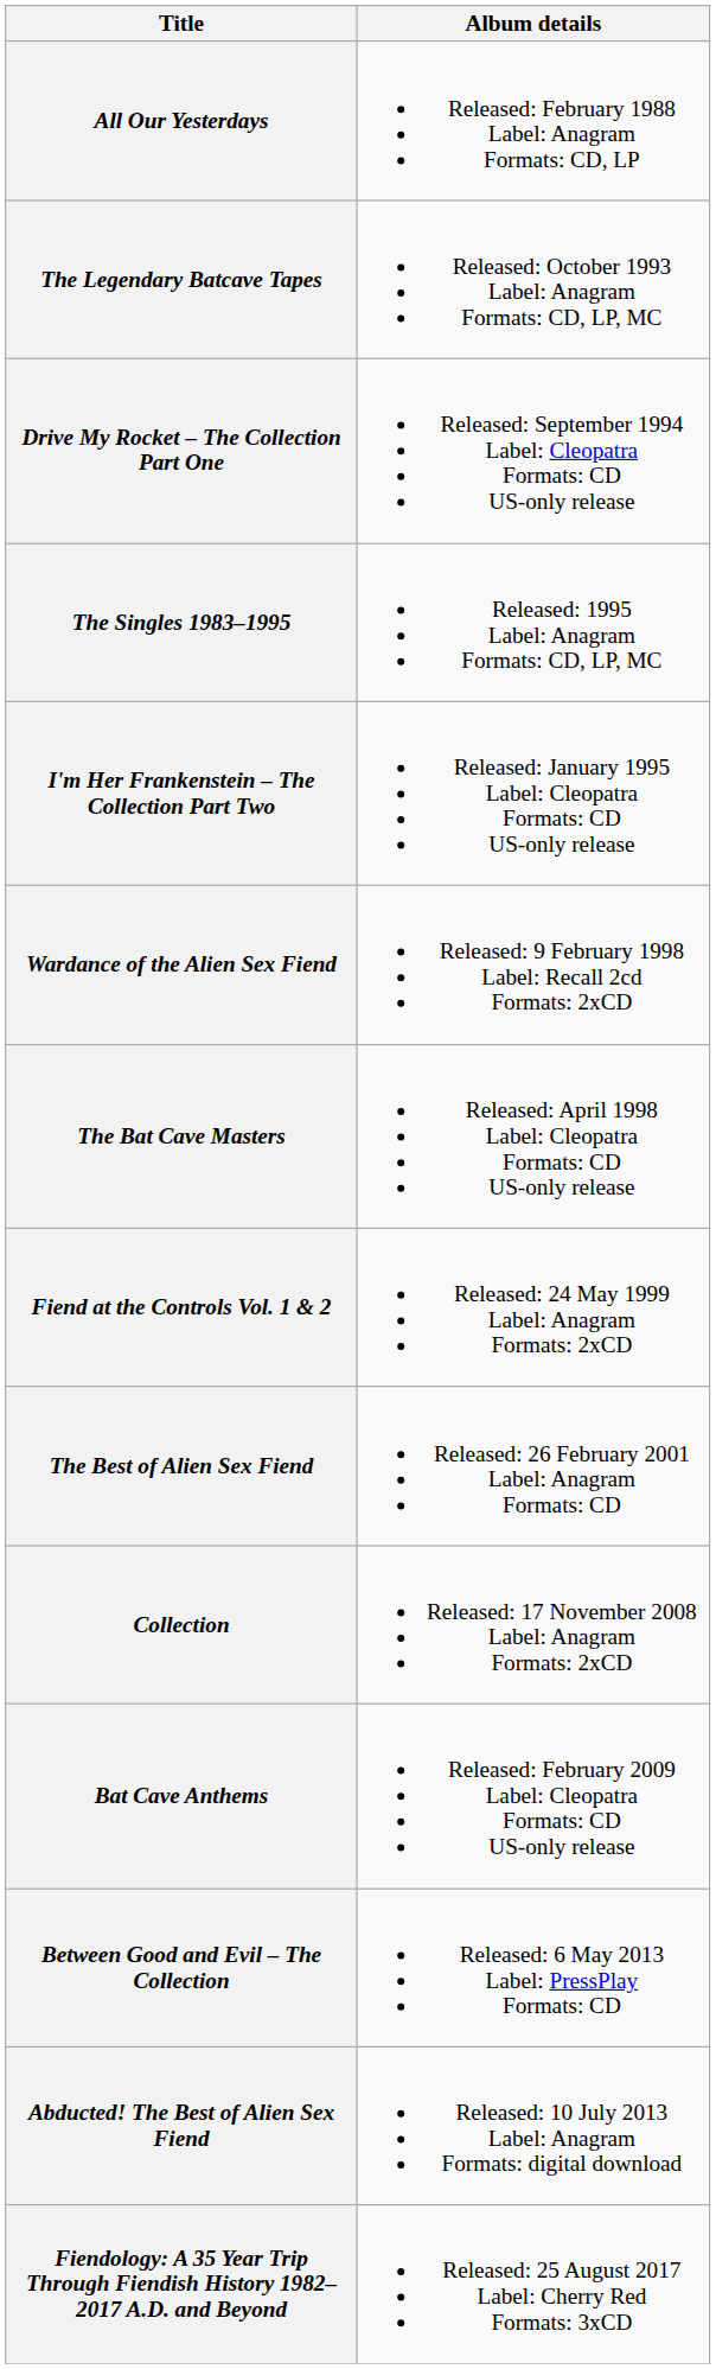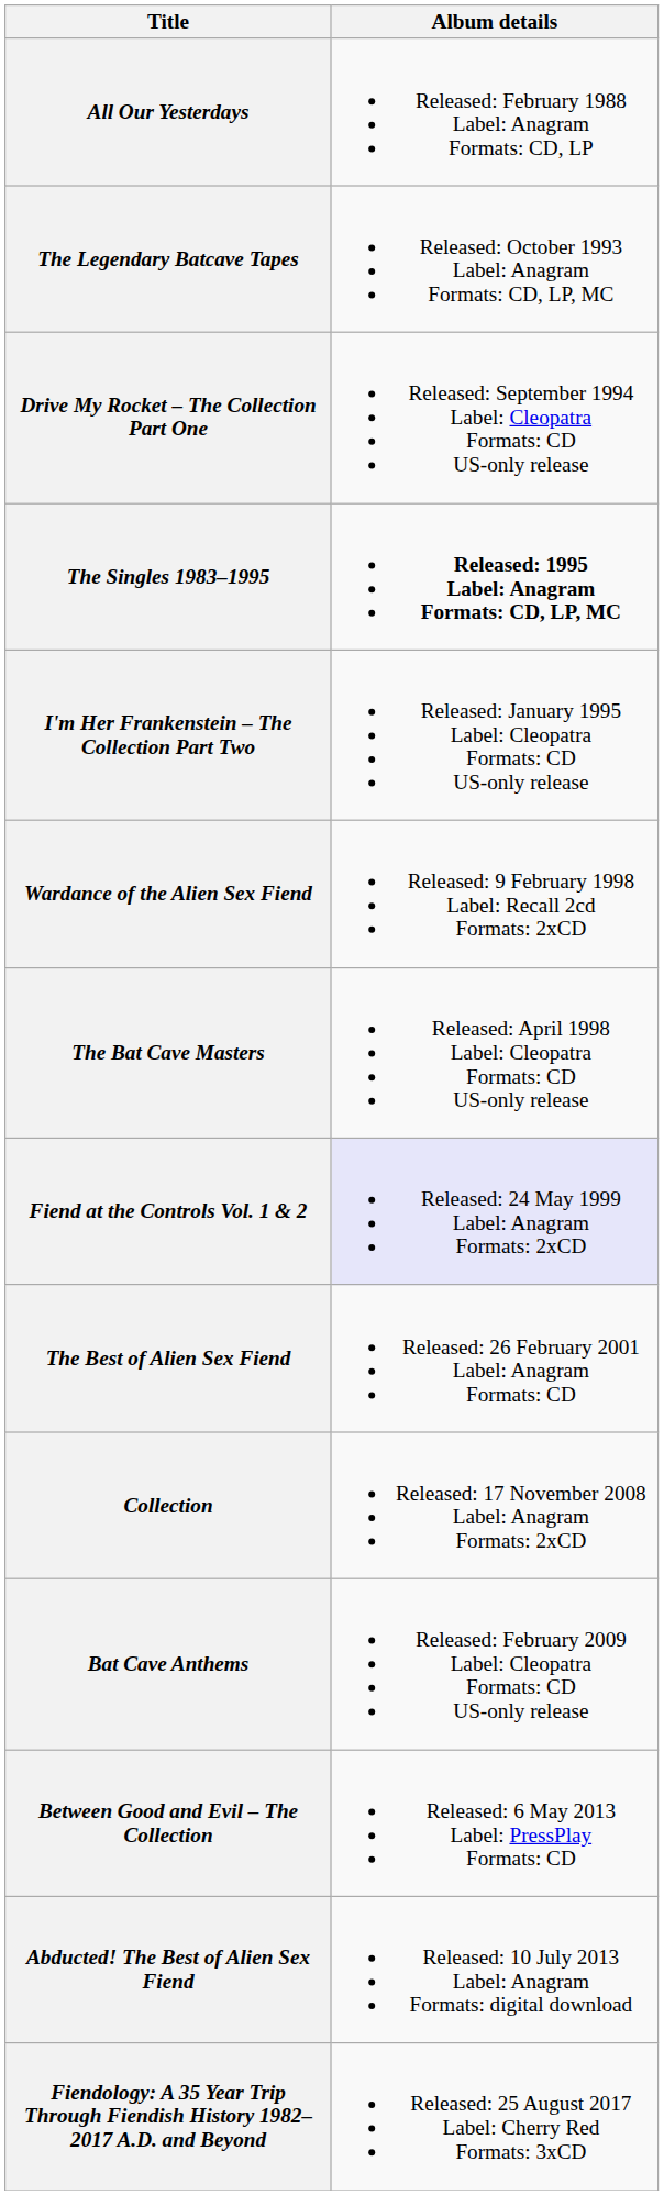 <table class="wikitable plainrowheaders" style="text-align:center;">
 <tr>
 <th scope="col" style="width:15em;">Title</th>
 <th scope="col" style="width:15em;">Album details</th>
 </tr>
 <tr>
 <th scope="row"><em>All Our Yesterdays</em></th>
 <td><br><ul><li>Released: February 1988</li><li>Label: Anagram</li><li>Formats: CD, LP</li></ul></td>
 </tr>
 <tr>
 <th scope="row"><em>The Legendary Batcave Tapes</em></th>
 <td><br><ul><li>Released: October 1993</li><li>Label: Anagram</li><li>Formats: CD, LP, MC</li></ul></td>
 </tr>
 <tr>
 <th scope="row"><em>Drive My Rocket – The Collection Part One</em></th>
 <td><br><ul><li>Released: September 1994</li><li>Label: <a href='#'>Cleopatra</a></li><li>Formats: CD</li><li>US-only release</li></ul></td>
 </tr>
 <tr>
 <th scope="row"><em>The Singles 1983–1995</em></th>
-<td><br><ul><li>Released: 1995</li><li>Label: Anagram</li><li>Formats: CD, LP, MC</li></ul></td>
+<td><strong><br><ul><li>Released: 1995</li><li>Label: Anagram</li><li>Formats: CD, LP, MC</li></ul></strong></td>
 </tr>
 <tr>
 <th scope="row"><em>I'm Her Frankenstein – The Collection Part Two</em></th>
 <td><br><ul><li>Released: January 1995</li><li>Label: Cleopatra</li><li>Formats: CD</li><li>US-only release</li></ul></td>
 </tr>
 <tr>
 <th scope="row"><em>Wardance of the Alien Sex Fiend</em></th>
 <td><br><ul><li>Released: 9 February 1998</li><li>Label: Recall 2cd</li><li>Formats: 2xCD</li></ul></td>
 </tr>
 <tr>
 <th scope="row"><em>The Bat Cave Masters</em></th>
 <td><br><ul><li>Released: April 1998</li><li>Label: Cleopatra</li><li>Formats: CD</li><li>US-only release</li></ul></td>
 </tr>
 <tr>
 <th scope="row"><em>Fiend at the Controls Vol. 1 & 2</em></th>
-<td><br><ul><li>Released: 24 May 1999</li><li>Label: Anagram</li><li>Formats: 2xCD</li></ul></td>
+<td style="background: lavender;"><br><ul><li>Released: 24 May 1999</li><li>Label: Anagram</li><li>Formats: 2xCD</li></ul></td>
 </tr>
 <tr>
 <th scope="row"><em>The Best of Alien Sex Fiend</em></th>
 <td><br><ul><li>Released: 26 February 2001</li><li>Label: Anagram</li><li>Formats: CD</li></ul></td>
 </tr>
 <tr>
 <th scope="row"><em> Collection</em></th>
 <td><br><ul><li>Released: 17 November 2008</li><li>Label: Anagram</li><li>Formats: 2xCD</li></ul></td>
 </tr>
 <tr>
 <th scope="row"><em>Bat Cave Anthems</em></th>
 <td><br><ul><li>Released: February 2009</li><li>Label: Cleopatra</li><li>Formats: CD</li><li>US-only release</li></ul></td>
 </tr>
 <tr>
 <th scope="row"><em>Between Good and Evil – The Collection</em></th>
 <td><br><ul><li>Released: 6 May 2013</li><li>Label: <a href='#'>PressPlay</a></li><li>Formats: CD</li></ul></td>
 </tr>
 <tr>
 <th scope="row"><em>Abducted! The Best of Alien Sex Fiend</em></th>
 <td><br><ul><li>Released: 10 July 2013</li><li>Label: Anagram</li><li>Formats: digital download</li></ul></td>
 </tr>
 <tr>
 <th scope="row"><em>Fiendology: A 35 Year Trip Through Fiendish History 1982–2017 A.D. and Beyond</em></th>
 <td><br><ul><li>Released: 25 August 2017</li><li>Label: Cherry Red</li><li>Formats: 3xCD</li></ul></td>
 </tr>
 </table>
